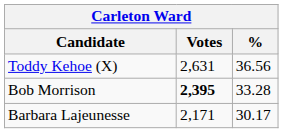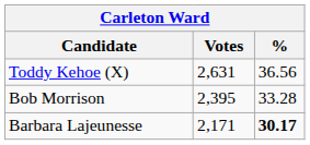 <table class="wikitable">
 <tr>
 <th colspan="3"><a href='#'>Carleton Ward</a></th>
 </tr>
 <tr>
 <th style="width: 170px">Candidate</th>
 <th style="width: 50px">Votes</th>
 <th style="width: 40px">%</th>
 </tr>
 <tr>
 <td><a href='#'>Toddy Kehoe</a> (X)</td>
 <td>2,631</td>
 <td>36.56</td>
 </tr>
 <tr>
 <td>Bob Morrison</td>
-<td><strong>2,395</strong></td>
+<td>2,395</td>
 <td>33.28</td>
 </tr>
 <tr>
 <td>Barbara Lajeunesse</td>
 <td>2,171</td>
-<td>30.17</td>
+<td><strong>30.17</strong></td>
 </tr>
 </table>
